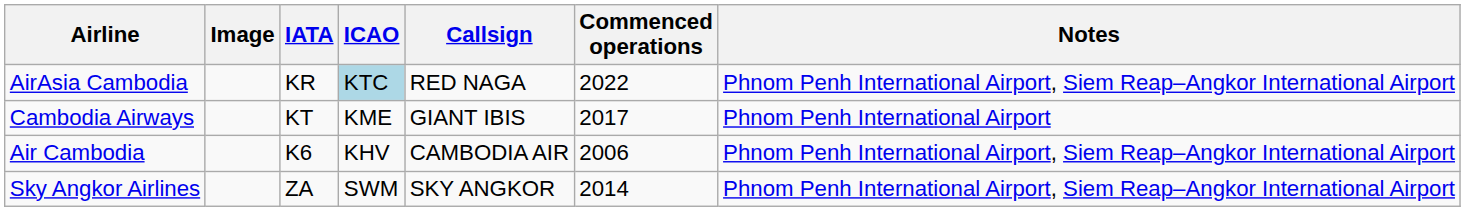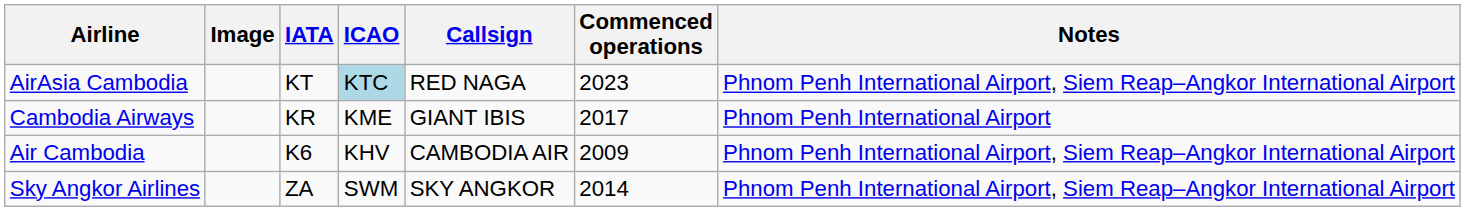 <table class="wikitable sortable" style="border: 0; cellpadding: 2; cellspacing: 3;">
 <tr valign="middle">
 <th>Airline</th>
 <th>Image</th>
 <th><a href='#'>IATA</a></th>
 <th><a href='#'>ICAO</a></th>
 <th><a href='#'>Callsign</a></th>
 <th>Commenced<br>operations</th>
 <th>Notes</th>
 </tr>
 <tr>
 <td><a href='#'>AirAsia Cambodia</a></td>
 <td></td>
-<td>KR</td>
+<td>KT</td>
 <td style="background: lightblue;">KTC</td>
 <td>RED NAGA</td>
-<td>2022</td>
+<td>2023</td>
 <td><a href='#'>Phnom Penh International Airport</a>, <a href='#'>Siem Reap–Angkor International Airport</a></td>
 </tr>
 <tr>
 <td><a href='#'>Cambodia Airways</a></td>
 <td></td>
-<td>KT</td>
+<td>KR</td>
 <td>KME</td>
 <td>GIANT IBIS</td>
 <td>2017</td>
 <td><a href='#'>Phnom Penh International Airport</a></td>
 </tr>
 <tr>
 <td><a href='#'>Air Cambodia</a></td>
 <td></td>
 <td>K6</td>
 <td>KHV</td>
 <td>CAMBODIA AIR</td>
-<td>2006</td>
+<td>2009</td>
 <td><a href='#'>Phnom Penh International Airport</a>, <a href='#'>Siem Reap–Angkor International Airport</a></td>
 </tr>
 <tr>
 <td><a href='#'>Sky Angkor Airlines</a></td>
 <td></td>
 <td>ZA</td>
 <td>SWM</td>
 <td>SKY ANGKOR</td>
 <td>2014</td>
 <td><a href='#'>Phnom Penh International Airport</a>, <a href='#'>Siem Reap–Angkor International Airport</a></td>
 </tr>
 </table>
